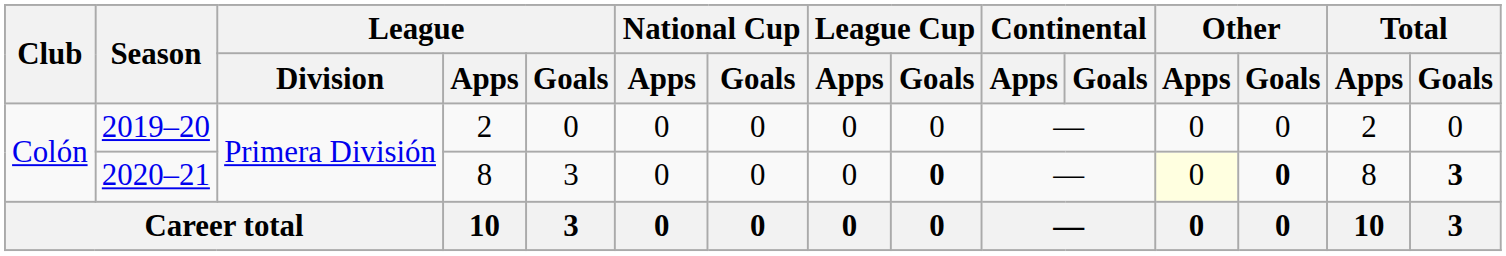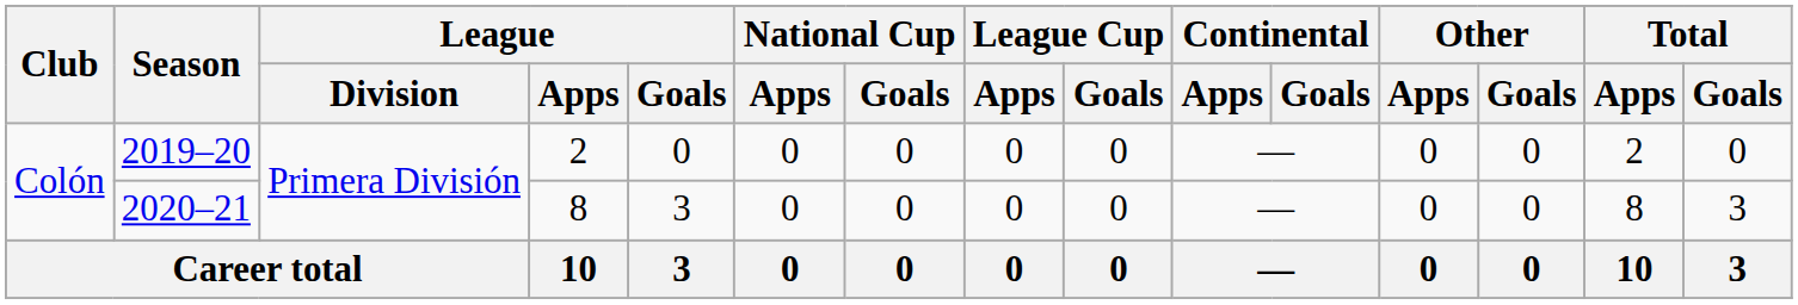 <table class="wikitable" style="text-align:center">
 <tr>
 <th rowspan="2">Club</th>
 <th rowspan="2">Season</th>
 <th colspan="3">League</th>
 <th colspan="2">National Cup</th>
 <th colspan="2">League Cup</th>
 <th colspan="2">Continental</th>
 <th colspan="2">Other</th>
 <th colspan="2">Total</th>
 </tr>
 <tr>
 <th>Division</th>
 <th>Apps</th>
 <th>Goals</th>
 <th>Apps</th>
 <th>Goals</th>
 <th>Apps</th>
 <th>Goals</th>
 <th>Apps</th>
 <th>Goals</th>
 <th>Apps</th>
 <th>Goals</th>
 <th>Apps</th>
 <th>Goals</th>
 </tr>
 <tr>
 <td rowspan="2"><a href='#'>Colón</a></td>
 <td><a href='#'>2019–20</a></td>
 <td rowspan="2"><a href='#'>Primera División</a></td>
 <td>2</td>
 <td>0</td>
 <td>0</td>
 <td>0</td>
 <td>0</td>
 <td>0</td>
 <td colspan="2">—</td>
 <td>0</td>
 <td>0</td>
 <td>2</td>
 <td>0</td>
 </tr>
 <tr>
 <td><a href='#'>2020–21</a></td>
 <td>8</td>
 <td>3</td>
 <td>0</td>
 <td>0</td>
 <td>0</td>
-<td><strong>0</strong></td>
+<td>0</td>
 <td colspan="2">—</td>
-<td style="background: lightyellow;">0</td>
-<td><strong>0</strong></td>
+<td>0</td>
+<td>0</td>
 <td>8</td>
-<td><strong>3</strong></td>
+<td>3</td>
 </tr>
 <tr>
 <th colspan="3">Career total</th>
 <th>10</th>
 <th>3</th>
 <th>0</th>
 <th>0</th>
 <th>0</th>
 <th>0</th>
 <th colspan="2">—</th>
 <th>0</th>
 <th>0</th>
 <th>10</th>
 <th>3</th>
 </tr>
 </table>
